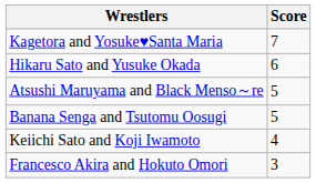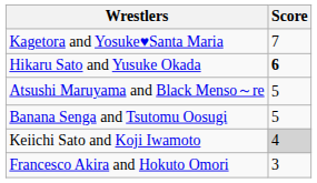 <table class="wikitable" style="margin: 1em auto 1em auto">
 <tr>
 <th>Wrestlers</th>
 <th>Score</th>
 </tr>
 <tr>
 <td><a href='#'>Kagetora</a> and <a href='#'>Yosuke♥Santa Maria</a></td>
 <td>7</td>
 </tr>
 <tr>
 <td><a href='#'>Hikaru Sato</a> and <a href='#'>Yusuke Okada</a></td>
-<td>6</td>
+<td><strong>6</strong></td>
 </tr>
 <tr>
 <td><a href='#'>Atsushi Maruyama</a> and <a href='#'>Black Menso～re</a></td>
 <td>5</td>
 </tr>
 <tr>
 <td><a href='#'>Banana Senga</a> and <a href='#'>Tsutomu Oosugi</a></td>
 <td>5</td>
 </tr>
 <tr>
 <td>Keiichi Sato and <a href='#'>Koji Iwamoto</a></td>
-<td>4</td>
+<td style="background: lightgrey;">4</td>
 </tr>
 <tr>
 <td><a href='#'>Francesco Akira</a> and <a href='#'>Hokuto Omori</a></td>
 <td>3</td>
 </tr>
 </table>
